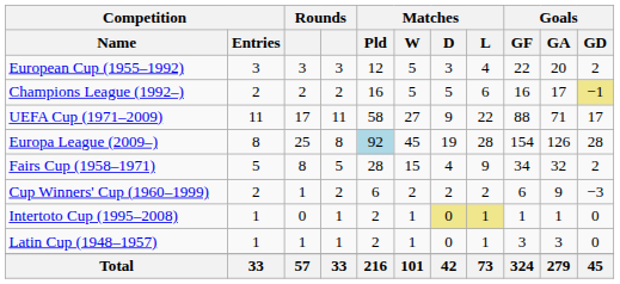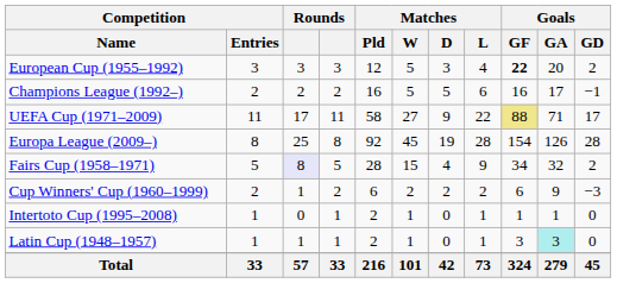 <table class="wikitable sortable collapsible" style="text-align:center">
 <tr>
 <th scope="col" colspan="2">Competition</th>
 <th scope="col" colspan="2">Rounds</th>
 <th scope="col" colspan="4">Matches</th>
 <th scope="col" colspan="3">Goals</th>
 </tr>
 <tr>
 <th scope="col" width=220>Name</th>
 <th scope="col" width=30>Entries</th>
 <th scope="col" width=30></th>
 <th scope="col" width=30></th>
 <th scope="col" width=30>Pld</th>
 <th scope="col" width=30>W</th>
 <th scope="col" width=30>D</th>
 <th scope="col" width=30>L</th>
 <th scope="col" width=30>GF</th>
 <th scope="col" width=30>GA</th>
 <th scope="col" width=30>GD</th>
 </tr>
 <tr>
 <td scope="row" align=left><a href='#'>European Cup (1955–1992)</a></td>
 <td>3</td>
 <td>3</td>
 <td>3</td>
 <td>12</td>
 <td>5</td>
 <td>3</td>
 <td>4</td>
-<td>22</td>
+<td><strong>22</strong></td>
 <td>20</td>
 <td>2</td>
 </tr>
 <tr>
 <td scope="row" align=left><a href='#'>Champions League (1992–)</a></td>
 <td>2</td>
 <td>2</td>
 <td>2</td>
 <td>16</td>
 <td>5</td>
 <td>5</td>
 <td>6</td>
 <td>16</td>
 <td>17</td>
-<td style="background: khaki;">−1</td>
+<td>−1</td>
 </tr>
 <tr>
 <td scope="row" align=left><a href='#'>UEFA Cup (1971–2009)</a></td>
 <td>11</td>
 <td>17</td>
 <td>11</td>
 <td>58</td>
 <td>27</td>
 <td>9</td>
 <td>22</td>
-<td>88</td>
+<td style="background: khaki;">88</td>
 <td>71</td>
 <td>17</td>
 </tr>
 <tr>
 <td scope="row" align=left><a href='#'>Europa League (2009–)</a></td>
 <td>8</td>
 <td>25</td>
 <td>8</td>
-<td style="background: lightblue;">92</td>
+<td>92</td>
 <td>45</td>
 <td>19</td>
 <td>28</td>
 <td>154</td>
 <td>126</td>
 <td>28</td>
 </tr>
 <tr>
 <td scope="row" align=left><a href='#'>Fairs Cup (1958–1971)</a></td>
 <td>5</td>
-<td>8</td>
+<td style="background: lavender;">8</td>
 <td>5</td>
 <td>28</td>
 <td>15</td>
 <td>4</td>
 <td>9</td>
 <td>34</td>
 <td>32</td>
 <td>2</td>
 </tr>
 <tr>
 <td scope="row" align=left><a href='#'>Cup Winners' Cup (1960–1999)</a></td>
 <td>2</td>
 <td>1</td>
 <td>2</td>
 <td>6</td>
 <td>2</td>
 <td>2</td>
 <td>2</td>
 <td>6</td>
 <td>9</td>
 <td>−3</td>
 </tr>
 <tr>
 <td scope="row" align=left><a href='#'>Intertoto Cup (1995–2008)</a></td>
 <td>1</td>
 <td>0</td>
 <td>1</td>
 <td>2</td>
 <td>1</td>
-<td style="background: khaki;">0</td>
-<td style="background: khaki;">1</td>
+<td>0</td>
+<td>1</td>
 <td>1</td>
 <td>1</td>
 <td>0</td>
 </tr>
 <tr>
 <td scope="row" align=left><a href='#'>Latin Cup (1948–1957)</a></td>
 <td>1</td>
 <td>1</td>
 <td>1</td>
 <td>2</td>
 <td>1</td>
 <td>0</td>
 <td>1</td>
 <td>3</td>
-<td>3</td>
+<td style="background: paleturquoise;">3</td>
 <td>0</td>
 </tr>
 <tr>
 </tr>
 <tr class="sortbottom">
 <th scope="row" align=left>Total</th>
 <th>33</th>
 <th>57</th>
 <th>33</th>
 <th>216</th>
 <th>101</th>
 <th>42</th>
 <th>73</th>
 <th>324</th>
 <th>279</th>
 <th>45</th>
 </tr>
 </table>
